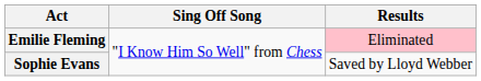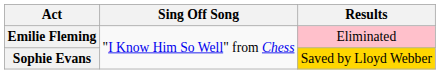 <table class="wikitable plainrowheaders" style="text-align:center;">
 <tr>
 <th scope="col">Act</th>
 <th scope="col">Sing Off Song</th>
 <th scope="col">Results</th>
 </tr>
 <tr>
 <th scope="row">Emilie Fleming</th>
 <td rowspan="2">"<a href='#'>I Know Him So Well</a>" from <em><a href='#'>Chess</a></em></td>
 <td style="background:pink;">Eliminated</td>
 </tr>
 <tr>
 <th scope="row">Sophie Evans</th>
-<td>Saved by Lloyd Webber</td>
+<td style="background: gold;">Saved by Lloyd Webber</td>
 </tr>
 </table>
